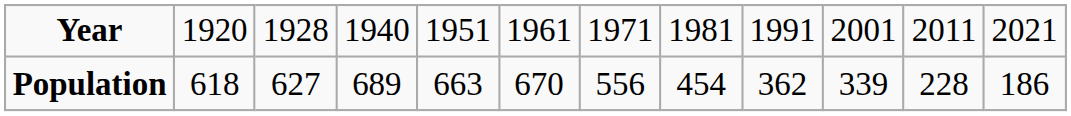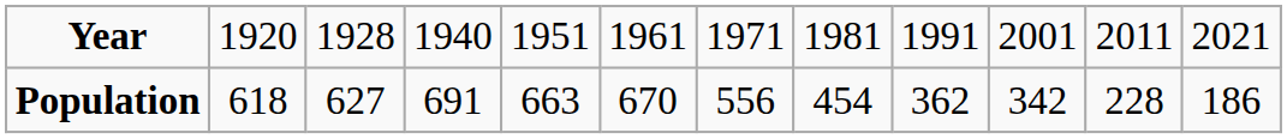 <table class="wikitable" style="text-align:center;">
 <tr>
 <td><strong>Year</strong></td>
 <td>1920</td>
 <td>1928</td>
 <td>1940</td>
 <td>1951</td>
 <td>1961</td>
 <td>1971</td>
 <td>1981</td>
 <td>1991</td>
 <td>2001</td>
 <td>2011</td>
 <td>2021</td>
 </tr>
 <tr>
 <td><strong>Population</strong></td>
 <td>618</td>
 <td>627</td>
-<td>689</td>
+<td>691</td>
 <td>663</td>
 <td>670</td>
 <td>556</td>
 <td>454</td>
 <td>362</td>
-<td>339</td>
+<td>342</td>
 <td>228</td>
 <td>186</td>
 </tr>
 </table>
